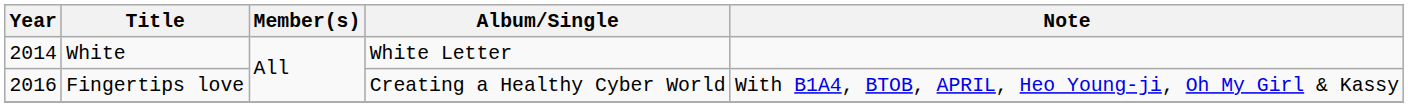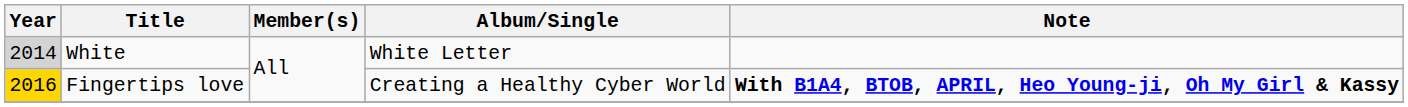 <table class="wikitable">
 <tr>
 <th>Year</th>
 <th>Title</th>
 <th>Member(s)</th>
 <th>Album/Single</th>
 <th>Note</th>
 </tr>
 <tr>
-<td>2014</td>
+<td style="background: lightgrey;">2014</td>
 <td>White</td>
 <td rowspan="2">All</td>
 <td>White Letter</td>
 <td></td>
 </tr>
 <tr>
-<td>2016</td>
+<td style="background: gold;">2016</td>
 <td>Fingertips love</td>
 <td>Creating a Healthy Cyber World<br></td>
-<td>With <a href='#'>B1A4</a>, <a href='#'>BTOB</a>, <a href='#'>APRIL</a>, <a href='#'>Heo Young-ji</a>, <a href='#'>Oh My Girl</a> & Kassy</td>
+<td><strong>With <a href='#'>B1A4</a>, <a href='#'>BTOB</a>, <a href='#'>APRIL</a>, <a href='#'>Heo Young-ji</a>, <a href='#'>Oh My Girl</a> & Kassy</strong></td>
 </tr>
 <tr>
 </tr>
 </table>
